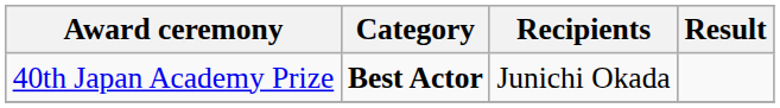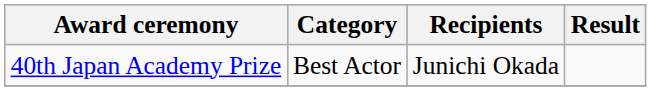 <table class="wikitable sortable">
 <tr>
 <th>Award ceremony</th>
 <th>Category</th>
 <th>Recipients</th>
 <th>Result</th>
 </tr>
 <tr>
 <td><a href='#'>40th Japan Academy Prize</a></td>
-<td><strong>Best Actor</strong></td>
+<td>Best Actor</td>
 <td>Junichi Okada</td>
 <td></td>
 </tr>
 <tr>
 </tr>
 </table>
